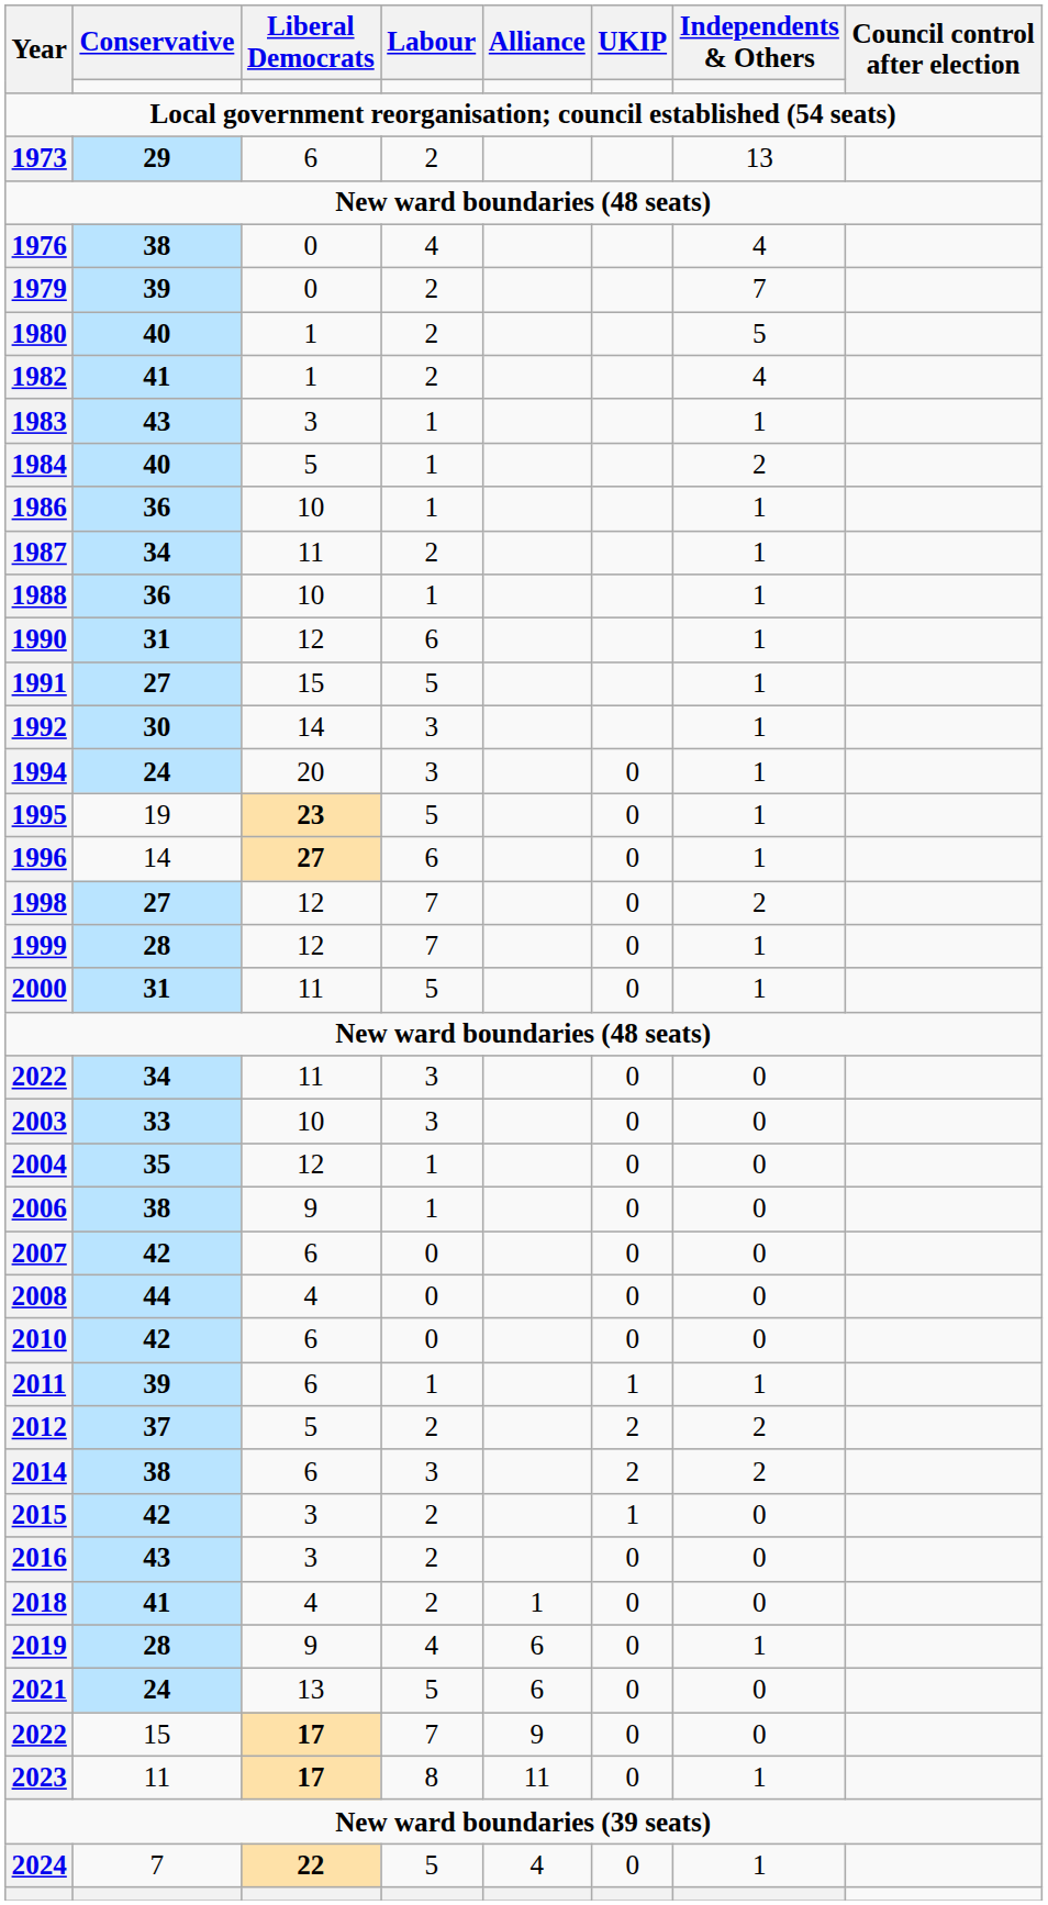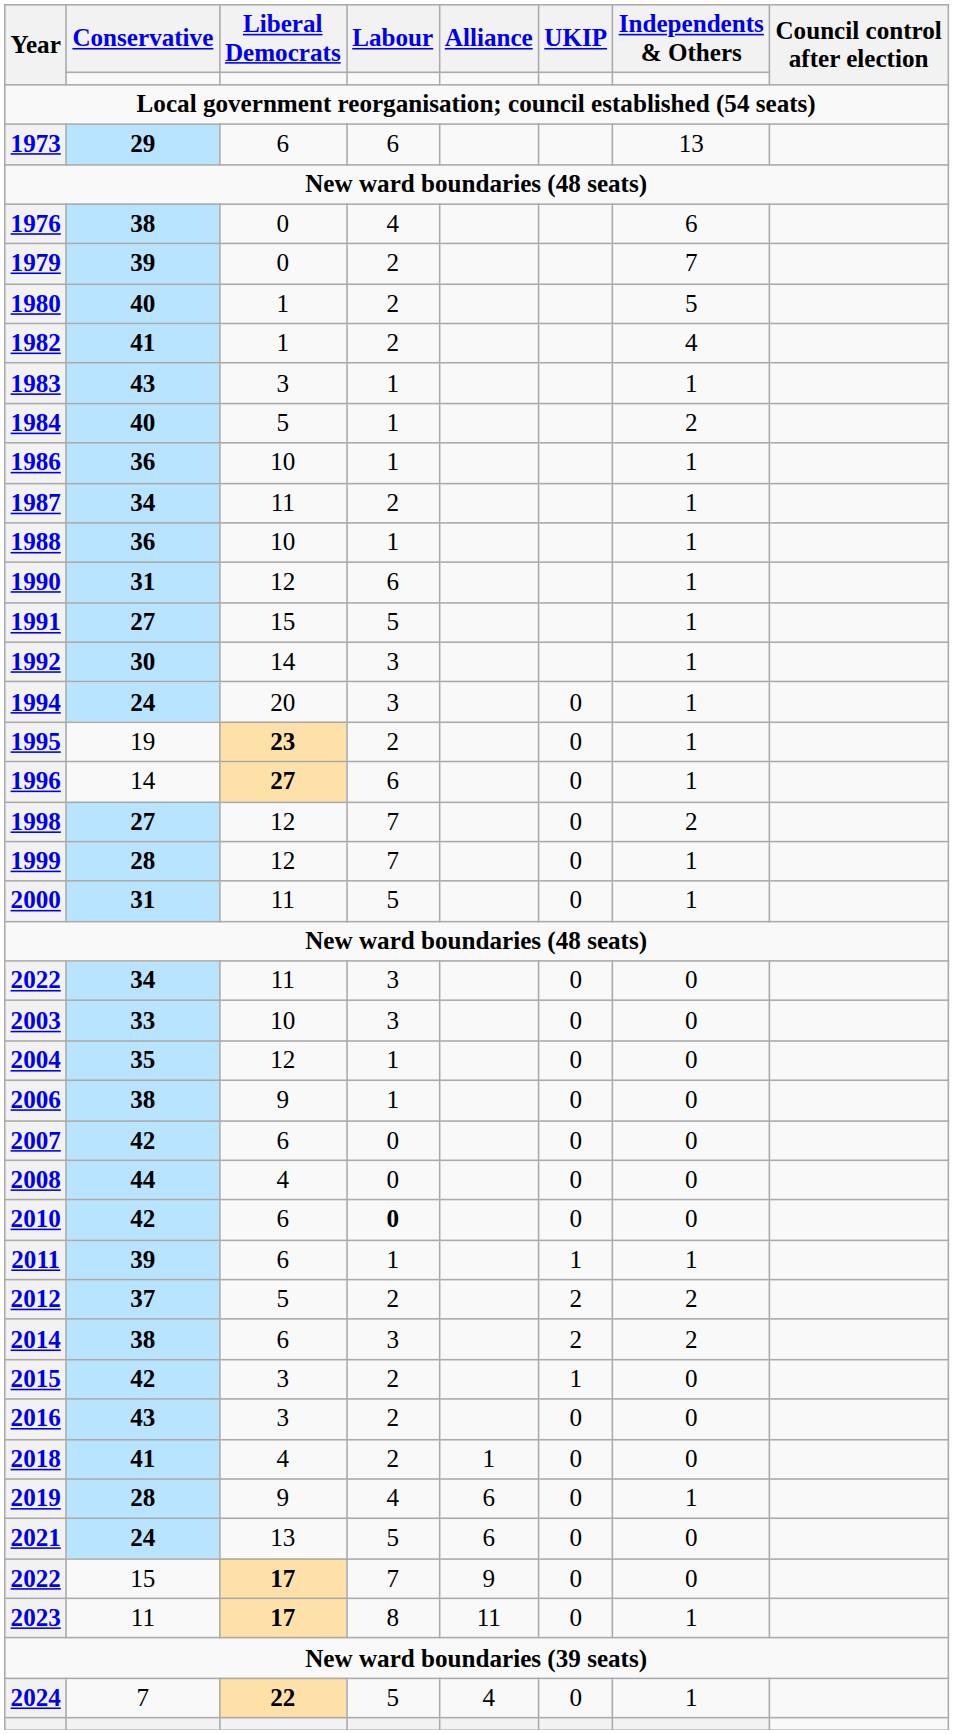 <table class="wikitable plainrowheaders" style="text-align:center">
 <tr>
 <th scope="col" rowspan="2">Year</th>
 <th scope="col"><a href='#'>Conservative</a></th>
 <th scope="col" style="width:1px"><a href='#'>Liberal Democrats</a></th>
 <th scope="col"><a href='#'>Labour</a></th>
 <th scope="col"><a href='#'>Alliance</a></th>
 <th scope="col"><a href='#'>UKIP</a></th>
 <th scope="col"><a href='#'>Independents</a><br>& Others</th>
 <th scope="col" rowspan="2" colspan="2">Council control<br>after election</th>
 </tr>
 <tr>
 <td style="background:"></td>
 <td style="background:"></td>
 <td style="background:"></td>
 <td style="background:"></td>
 <td style="background:"></td>
 <td style="background:"></td>
 </tr>
 <tr>
 <td colspan="9"><strong>Local government reorganisation; council established (54 seats)</strong></td>
 </tr>
 <tr>
 <th scope="row"><a href='#'>1973</a></th>
 <td style="background:#B9E4FF;"><strong>29</strong></td>
 <td>6</td>
-<td>2</td>
+<td>6</td>
 <td></td>
 <td></td>
 <td>13</td>
 <td></td>
 </tr>
 <tr>
 <td colspan="9"><strong>New ward boundaries (48 seats)</strong></td>
 </tr>
 <tr>
 <th scope="row"><a href='#'>1976</a></th>
 <td style="background:#B9E4FF;"><strong>38</strong></td>
 <td>0</td>
 <td>4</td>
 <td></td>
 <td></td>
-<td>4</td>
+<td>6</td>
 <td></td>
 </tr>
 <tr>
 <th scope="row"><a href='#'>1979</a></th>
 <td style="background:#B9E4FF;"><strong>39</strong></td>
 <td>0</td>
 <td>2</td>
 <td></td>
 <td></td>
 <td>7</td>
 <td></td>
 </tr>
 <tr>
 <th scope="row"><a href='#'>1980</a></th>
 <td style="background:#B9E4FF;"><strong>40</strong></td>
 <td>1</td>
 <td>2</td>
 <td></td>
 <td></td>
 <td>5</td>
 <td></td>
 </tr>
 <tr>
 <th scope="row"><a href='#'>1982</a></th>
 <td style="background:#B9E4FF;"><strong>41</strong></td>
 <td>1</td>
 <td>2</td>
 <td></td>
 <td></td>
 <td>4</td>
 <td></td>
 </tr>
 <tr>
 <th scope="row"><a href='#'>1983</a></th>
 <td style="background:#B9E4FF;"><strong>43</strong></td>
 <td>3</td>
 <td>1</td>
 <td></td>
 <td></td>
 <td>1</td>
 <td></td>
 </tr>
 <tr>
 <th scope="row"><a href='#'>1984</a></th>
 <td style="background:#B9E4FF;"><strong>40</strong></td>
 <td>5</td>
 <td>1</td>
 <td></td>
 <td></td>
 <td>2</td>
 <td></td>
 </tr>
 <tr>
 <th scope="row"><a href='#'>1986</a></th>
 <td style="background:#B9E4FF;"><strong>36</strong></td>
 <td>10</td>
 <td>1</td>
 <td></td>
 <td></td>
 <td>1</td>
 <td></td>
 </tr>
 <tr>
 <th scope="row"><a href='#'>1987</a></th>
 <td style="background:#B9E4FF;"><strong>34</strong></td>
 <td>11</td>
 <td>2</td>
 <td></td>
 <td></td>
 <td>1</td>
 <td></td>
 </tr>
 <tr>
 <th scope="row"><a href='#'>1988</a></th>
 <td style="background:#B9E4FF;"><strong>36</strong></td>
 <td>10</td>
 <td>1</td>
 <td></td>
 <td></td>
 <td>1</td>
 <td></td>
 </tr>
 <tr>
 <th scope="row"><a href='#'>1990</a></th>
 <td style="background:#B9E4FF;"><strong>31</strong></td>
 <td>12</td>
 <td>6</td>
 <td></td>
 <td></td>
 <td>1</td>
 <td></td>
 </tr>
 <tr>
 <th scope="row"><a href='#'>1991</a></th>
 <td style="background:#B9E4FF;"><strong>27</strong></td>
 <td>15</td>
 <td>5</td>
 <td></td>
 <td></td>
 <td>1</td>
 <td></td>
 </tr>
 <tr>
 <th scope="row"><a href='#'>1992</a></th>
 <td style="background:#B9E4FF;"><strong>30</strong></td>
 <td>14</td>
 <td>3</td>
 <td></td>
 <td></td>
 <td>1</td>
 <td></td>
 </tr>
 <tr>
 <th scope="row"><a href='#'>1994</a></th>
 <td style="background:#B9E4FF;"><strong>24</strong></td>
 <td>20</td>
 <td>3</td>
 <td></td>
 <td>0</td>
 <td>1</td>
 <td></td>
 </tr>
 <tr>
 <th scope="row"><a href='#'>1995</a></th>
 <td>19</td>
 <td style="background:#FEE1A8"><strong>23</strong></td>
-<td>5</td>
+<td>2</td>
 <td></td>
 <td>0</td>
 <td>1</td>
 <td></td>
 </tr>
 <tr>
 <th scope="row"><a href='#'>1996</a></th>
 <td>14</td>
 <td style="background:#FEE1A8"><strong>27</strong></td>
 <td>6</td>
 <td></td>
 <td>0</td>
 <td>1</td>
 <td></td>
 </tr>
 <tr>
 <th scope="row"><a href='#'>1998</a></th>
 <td style="background:#B9E4FF;"><strong>27</strong></td>
 <td>12</td>
 <td>7</td>
 <td></td>
 <td>0</td>
 <td>2</td>
 <td></td>
 </tr>
 <tr>
 <th scope="row"><a href='#'>1999</a></th>
 <td style="background:#B9E4FF;"><strong>28</strong></td>
 <td>12</td>
 <td>7</td>
 <td></td>
 <td>0</td>
 <td>1</td>
 <td></td>
 </tr>
 <tr>
 <th scope="row"><a href='#'>2000</a></th>
 <td style="background:#B9E4FF;"><strong>31</strong></td>
 <td>11</td>
 <td>5</td>
 <td></td>
 <td>0</td>
 <td>1</td>
 <td></td>
 </tr>
 <tr>
 <td colspan="9"><strong>New ward boundaries (48 seats)</strong></td>
 </tr>
 <tr>
 <th scope="row"><a href='#'>2022</a></th>
 <td style="background:#B9E4FF;"><strong>34</strong></td>
 <td>11</td>
 <td>3</td>
 <td></td>
 <td>0</td>
 <td>0</td>
 <td></td>
 </tr>
 <tr>
 <th scope="row"><a href='#'>2003</a></th>
 <td style="background:#B9E4FF;"><strong>33</strong></td>
 <td>10</td>
 <td>3</td>
 <td></td>
 <td>0</td>
 <td>0</td>
 <td></td>
 </tr>
 <tr>
 <th scope="row"><a href='#'>2004</a></th>
 <td style="background:#B9E4FF;"><strong>35</strong></td>
 <td>12</td>
 <td>1</td>
 <td></td>
 <td>0</td>
 <td>0</td>
 <td></td>
 </tr>
 <tr>
 <th scope="row"><a href='#'>2006</a></th>
 <td style="background:#B9E4FF;"><strong>38</strong></td>
 <td>9</td>
 <td>1</td>
 <td></td>
 <td>0</td>
 <td>0</td>
 <td></td>
 </tr>
 <tr>
 <th scope="row"><a href='#'>2007</a></th>
 <td style="background:#B9E4FF;"><strong>42</strong></td>
 <td>6</td>
 <td>0</td>
 <td></td>
 <td>0</td>
 <td>0</td>
 <td></td>
 </tr>
 <tr>
 <th scope="row"><a href='#'>2008</a></th>
 <td style="background:#B9E4FF;"><strong>44</strong></td>
 <td>4</td>
 <td>0</td>
 <td></td>
 <td>0</td>
 <td>0</td>
 <td></td>
 </tr>
 <tr>
 <th scope="row"><a href='#'>2010</a></th>
 <td style="background:#B9E4FF;"><strong>42</strong></td>
 <td>6</td>
-<td>0</td>
+<td><strong>0</strong></td>
 <td></td>
 <td>0</td>
 <td>0</td>
 <td></td>
 </tr>
 <tr>
 <th scope="row"><a href='#'>2011</a></th>
 <td style="background:#B9E4FF;"><strong>39</strong></td>
 <td>6</td>
 <td>1</td>
 <td></td>
 <td>1</td>
 <td>1</td>
 <td></td>
 </tr>
 <tr>
 <th scope="row"><a href='#'>2012</a></th>
 <td style="background:#B9E4FF;"><strong>37</strong></td>
 <td>5</td>
 <td>2</td>
 <td></td>
 <td>2</td>
 <td>2</td>
 <td></td>
 </tr>
 <tr>
 <th scope="row"><a href='#'>2014</a></th>
 <td style="background:#B9E4FF;"><strong>38</strong></td>
 <td>6</td>
 <td>3</td>
 <td></td>
 <td>2</td>
 <td>2</td>
 <td></td>
 </tr>
 <tr>
 <th scope="row"><a href='#'>2015</a></th>
 <td style="background:#B9E4FF;"><strong>42</strong></td>
 <td>3</td>
 <td>2</td>
 <td></td>
 <td>1</td>
 <td>0</td>
 <td></td>
 </tr>
 <tr>
 <th scope="row"><a href='#'>2016</a></th>
 <td style="background:#B9E4FF;"><strong>43</strong></td>
 <td>3</td>
 <td>2</td>
 <td></td>
 <td>0</td>
 <td>0</td>
 <td></td>
 </tr>
 <tr>
 <th scope="row"><a href='#'>2018</a></th>
 <td style="background:#B9E4FF;"><strong>41</strong></td>
 <td>4</td>
 <td>2</td>
 <td>1</td>
 <td>0</td>
 <td>0</td>
 <td></td>
 </tr>
 <tr>
 <th scope="row"><a href='#'>2019</a></th>
 <td style="background:#B9E4FF;"><strong>28</strong></td>
 <td>9</td>
 <td>4</td>
 <td>6</td>
 <td>0</td>
 <td>1</td>
 <td></td>
 </tr>
 <tr>
 <th scope="row"><a href='#'>2021</a></th>
 <td style="background:#B9E4FF;"><strong>24</strong></td>
 <td>13</td>
 <td>5</td>
 <td>6</td>
 <td>0</td>
 <td>0</td>
 <td></td>
 </tr>
 <tr>
 <th scope="row"><a href='#'>2022</a></th>
 <td>15</td>
 <td style="background:#FEE1A8"><strong>17</strong></td>
 <td>7</td>
 <td>9</td>
 <td>0</td>
 <td>0</td>
 <td></td>
 </tr>
 <tr>
 <th scope="row"><a href='#'>2023</a></th>
 <td>11</td>
 <td style="background:#FEE1A8"><strong>17</strong></td>
 <td>8</td>
 <td>11</td>
 <td>0</td>
 <td>1</td>
 <td></td>
 </tr>
 <tr>
 <td colspan="9"><strong>New ward boundaries (39 seats)</strong></td>
 </tr>
 <tr>
 <th scope="row"><a href='#'>2024</a></th>
 <td>7</td>
 <td style="background:#FEE1A8"><strong>22</strong></td>
 <td>5</td>
 <td>4</td>
 <td>0</td>
 <td>1</td>
 <td></td>
 </tr>
 <tr>
 <th></th>
 <th style="background-color: "></th>
 <th style="background-color: "></th>
 <th style="background-color: "></th>
 <th style="background-color: "></th>
 <th style="background-color: "></th>
 <th style="background-color: "></th>
 </tr>
 </table>
